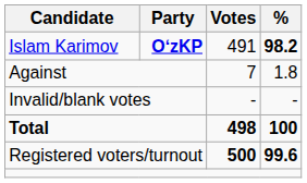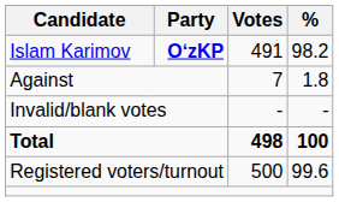 <table class=wikitable style=text-align:right>
 <tr>
 <th>Candidate</th>
 <th>Party</th>
 <th>Votes</th>
 <th>%</th>
 </tr>
 <tr>
 <td align=left><a href='#'>Islam Karimov</a></td>
 <td><strong><a href='#'>OʻzKP</a></strong></td>
 <td>491</td>
-<td><strong>98.2</strong></td>
+<td>98.2</td>
 </tr>
 <tr>
 <td align=left colspan=2>Against</td>
 <td>7</td>
 <td>1.8</td>
 </tr>
 <tr>
 <td align=left colspan=2>Invalid/blank votes</td>
 <td>-</td>
 <td>-</td>
 </tr>
 <tr>
 <td align=left colspan=2><strong>Total</strong></td>
 <td><strong>498</strong></td>
 <td><strong>100</strong></td>
 </tr>
 <tr>
 <td align=left colspan=2>Registered voters/turnout</td>
-<td><strong>500</strong></td>
-<td><strong>99.6</strong></td>
+<td>500</td>
+<td>99.6</td>
 </tr>
 <tr>
 <td colspan=4 align=left></td>
 </tr>
 </table>
